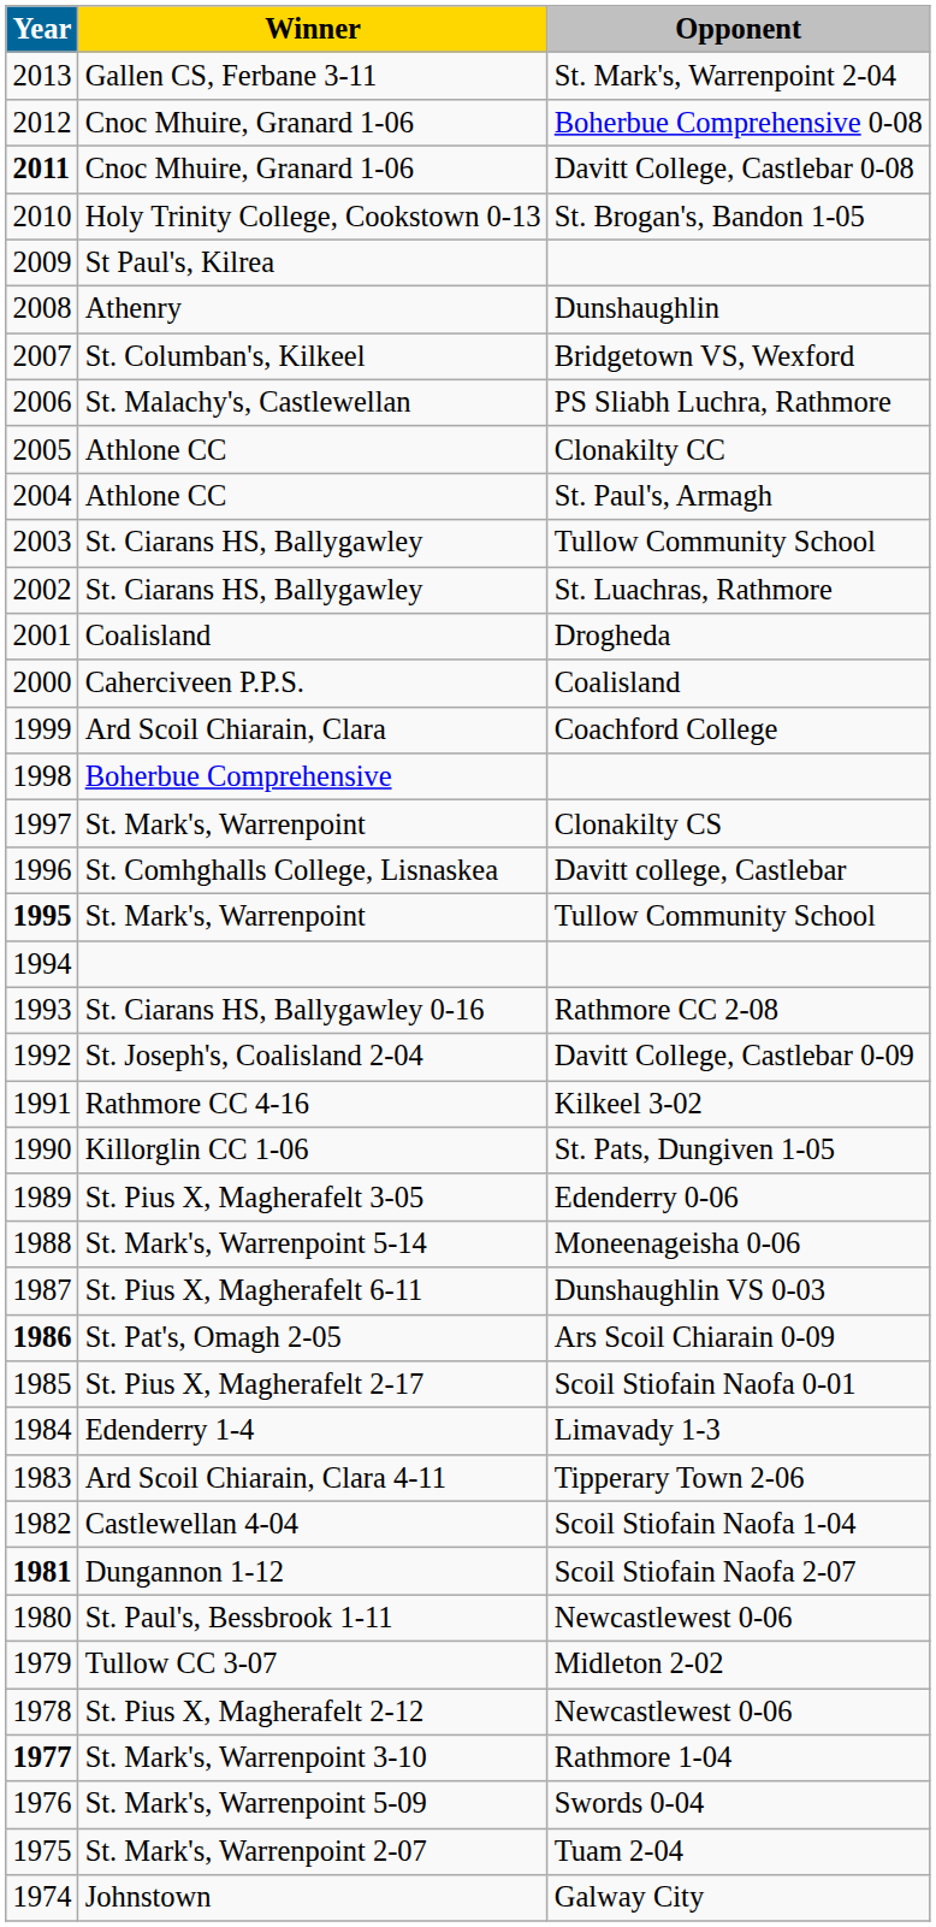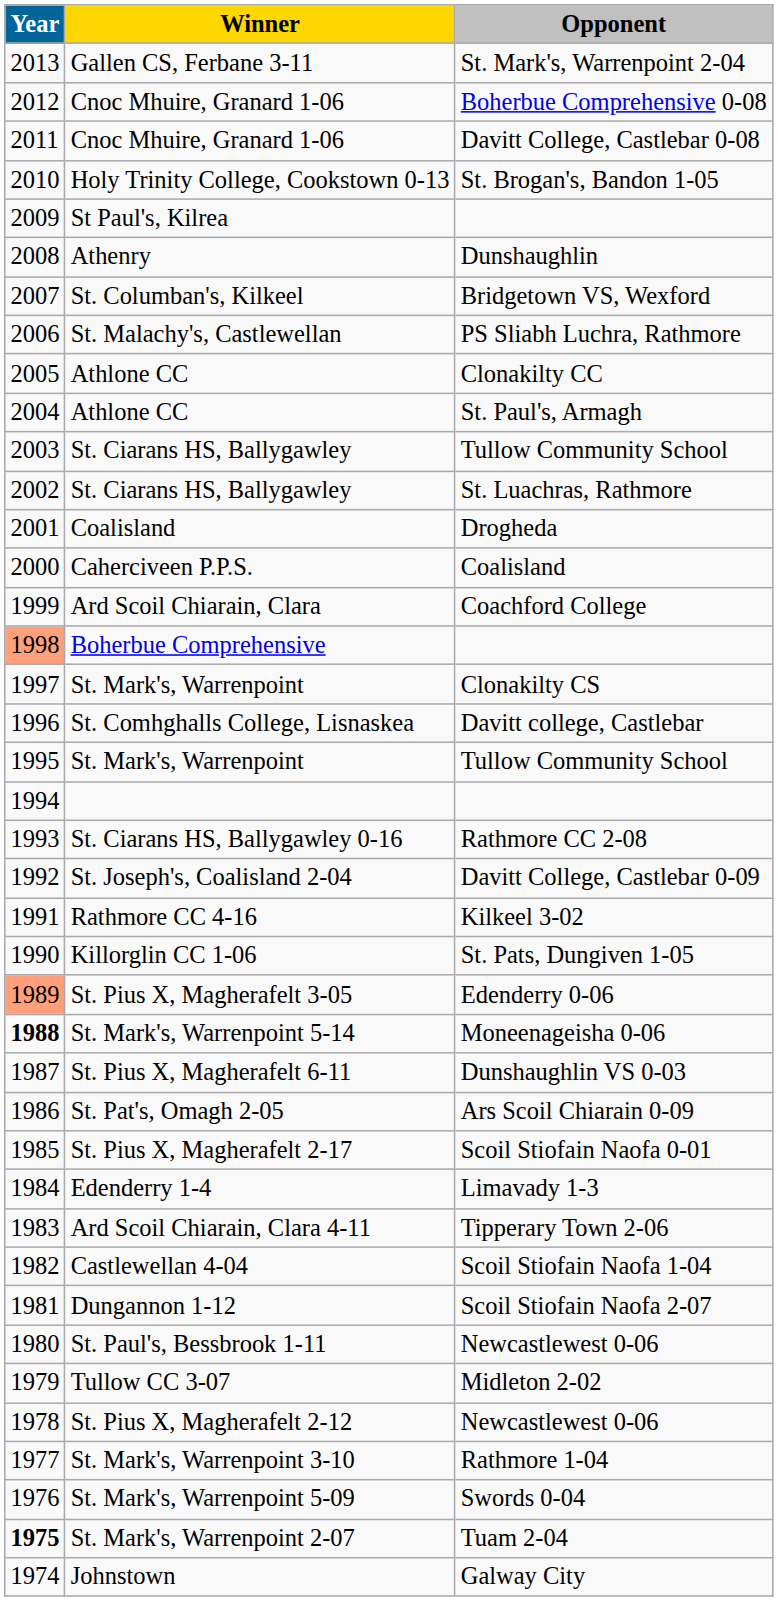 <table class="wikitable">
 <tr>
 <th style="background:#069; color:white;">Year</th>
 <th style="background:gold;">Winner</th>
 <th style="background:silver;">Opponent</th>
 </tr>
 <tr>
 <td>2013</td>
 <td>Gallen CS, Ferbane 3-11</td>
 <td>St. Mark's, Warrenpoint 2-04</td>
 </tr>
 <tr>
 <td>2012</td>
 <td>Cnoc Mhuire, Granard 1-06</td>
 <td><a href='#'>Boherbue Comprehensive</a> 0-08</td>
 </tr>
 <tr>
-<td><strong>2011</strong></td>
+<td>2011</td>
 <td>Cnoc Mhuire, Granard 1-06</td>
 <td>Davitt College, Castlebar 0-08</td>
 </tr>
 <tr>
 <td>2010</td>
 <td>Holy Trinity College, Cookstown 0-13</td>
 <td>St. Brogan's, Bandon 1-05</td>
 </tr>
 <tr>
 <td>2009</td>
 <td>St Paul's, Kilrea</td>
 <td></td>
 </tr>
 <tr>
 <td>2008</td>
 <td>Athenry</td>
 <td>Dunshaughlin</td>
 </tr>
 <tr>
 <td>2007</td>
 <td>St. Columban's, Kilkeel</td>
 <td>Bridgetown VS, Wexford</td>
 </tr>
 <tr>
 <td>2006</td>
 <td>St. Malachy's, Castlewellan</td>
 <td>PS Sliabh Luchra, Rathmore</td>
 </tr>
 <tr>
 <td>2005</td>
 <td>Athlone CC</td>
 <td>Clonakilty CC</td>
 </tr>
 <tr>
 <td>2004</td>
 <td>Athlone CC</td>
 <td>St. Paul's, Armagh</td>
 </tr>
 <tr>
 <td>2003</td>
 <td>St. Ciarans HS, Ballygawley</td>
 <td>Tullow Community School</td>
 </tr>
 <tr>
 <td>2002</td>
 <td>St. Ciarans HS, Ballygawley</td>
 <td>St. Luachras, Rathmore</td>
 </tr>
 <tr>
 <td>2001</td>
 <td>Coalisland</td>
 <td>Drogheda</td>
 </tr>
 <tr>
 <td>2000</td>
 <td>Caherciveen P.P.S.</td>
 <td>Coalisland</td>
 </tr>
 <tr>
 <td>1999</td>
 <td>Ard Scoil Chiarain, Clara</td>
 <td>Coachford College</td>
 </tr>
 <tr>
-<td>1998</td>
+<td style="background: lightsalmon;">1998</td>
 <td><a href='#'>Boherbue Comprehensive</a></td>
 <td></td>
 </tr>
 <tr>
 <td>1997</td>
 <td>St. Mark's, Warrenpoint</td>
 <td>Clonakilty CS</td>
 </tr>
 <tr>
 <td>1996</td>
 <td>St. Comhghalls College, Lisnaskea</td>
 <td>Davitt college, Castlebar</td>
 </tr>
 <tr>
-<td><strong>1995</strong></td>
+<td>1995</td>
 <td>St. Mark's, Warrenpoint</td>
 <td>Tullow Community School</td>
 </tr>
 <tr>
 <td>1994</td>
 <td></td>
 <td></td>
 </tr>
 <tr>
 <td>1993</td>
 <td>St. Ciarans HS, Ballygawley 0-16</td>
 <td>Rathmore CC 2-08</td>
 </tr>
 <tr>
 <td>1992</td>
 <td>St. Joseph's, Coalisland 2-04</td>
 <td>Davitt College, Castlebar 0-09</td>
 </tr>
 <tr>
 <td>1991</td>
 <td>Rathmore CC 4-16</td>
 <td>Kilkeel 3-02</td>
 </tr>
 <tr>
 <td>1990</td>
 <td>Killorglin CC 1-06</td>
 <td>St. Pats, Dungiven 1-05</td>
 </tr>
 <tr>
-<td>1989</td>
+<td style="background: lightsalmon;">1989</td>
 <td>St. Pius X, Magherafelt 3-05</td>
 <td>Edenderry 0-06</td>
 </tr>
 <tr>
-<td>1988</td>
+<td><strong>1988</strong></td>
 <td>St. Mark's, Warrenpoint 5-14</td>
 <td>Moneenageisha 0-06</td>
 </tr>
 <tr>
 <td>1987</td>
 <td>St. Pius X, Magherafelt 6-11</td>
 <td>Dunshaughlin VS 0-03</td>
 </tr>
 <tr>
-<td><strong>1986</strong></td>
+<td>1986</td>
 <td>St. Pat's, Omagh 2-05</td>
 <td>Ars Scoil Chiarain 0-09</td>
 </tr>
 <tr>
 <td>1985</td>
 <td>St. Pius X, Magherafelt 2-17</td>
 <td>Scoil Stiofain Naofa 0-01</td>
 </tr>
 <tr>
 <td>1984</td>
 <td>Edenderry 1-4</td>
 <td>Limavady 1-3</td>
 </tr>
 <tr>
 <td>1983</td>
 <td>Ard Scoil Chiarain, Clara 4-11</td>
 <td>Tipperary Town 2-06</td>
 </tr>
 <tr>
 <td>1982</td>
 <td>Castlewellan 4-04</td>
 <td>Scoil Stiofain Naofa 1-04</td>
 </tr>
 <tr>
-<td><strong>1981</strong></td>
+<td>1981</td>
 <td>Dungannon 1-12</td>
 <td>Scoil Stiofain Naofa 2-07</td>
 </tr>
 <tr>
 <td>1980</td>
 <td>St. Paul's, Bessbrook 1-11</td>
 <td>Newcastlewest 0-06</td>
 </tr>
 <tr>
 <td>1979</td>
 <td>Tullow CC 3-07</td>
 <td>Midleton 2-02</td>
 </tr>
 <tr>
 <td>1978</td>
 <td>St. Pius X, Magherafelt 2-12</td>
 <td>Newcastlewest 0-06</td>
 </tr>
 <tr>
-<td><strong>1977</strong></td>
+<td>1977</td>
 <td>St. Mark's, Warrenpoint 3-10</td>
 <td>Rathmore 1-04</td>
 </tr>
 <tr>
 <td>1976</td>
 <td>St. Mark's, Warrenpoint 5-09</td>
 <td>Swords 0-04</td>
 </tr>
 <tr>
-<td>1975</td>
+<td><strong>1975</strong></td>
 <td>St. Mark's, Warrenpoint 2-07</td>
 <td>Tuam 2-04</td>
 </tr>
 <tr>
 <td>1974</td>
 <td>Johnstown</td>
 <td>Galway City</td>
 </tr>
 </table>
